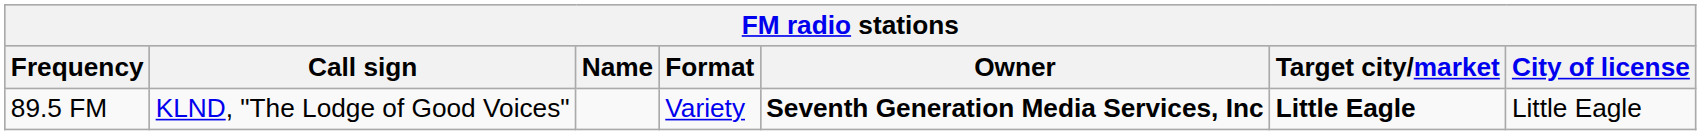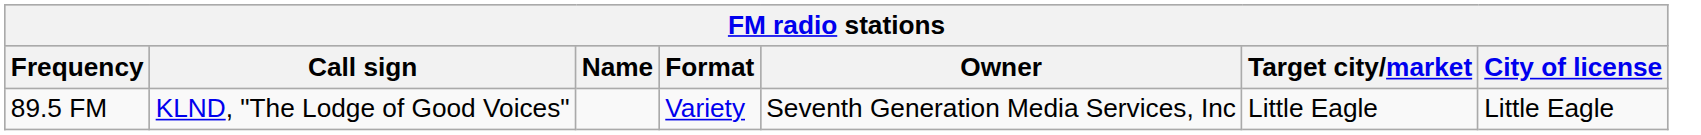 <table class="wikitable">
 <tr>
 <th align="center" colspan="7"><strong><a href='#'>FM radio</a> stations</strong></th>
 </tr>
 <tr>
 <th>Frequency</th>
 <th>Call sign</th>
 <th>Name</th>
 <th>Format</th>
 <th>Owner</th>
 <th>Target city/<a href='#'>market</a></th>
 <th><a href='#'>City of license</a></th>
 </tr>
 <tr>
 <td>89.5 FM</td>
 <td><a href='#'>KLND</a>, "The Lodge of Good Voices"</td>
 <td></td>
 <td><a href='#'>Variety</a></td>
-<td><strong>Seventh Generation Media Services, Inc</strong></td>
-<td><strong>Little Eagle</strong></td>
+<td>Seventh Generation Media Services, Inc</td>
+<td>Little Eagle</td>
 <td>Little Eagle</td>
 </tr>
 </table>
